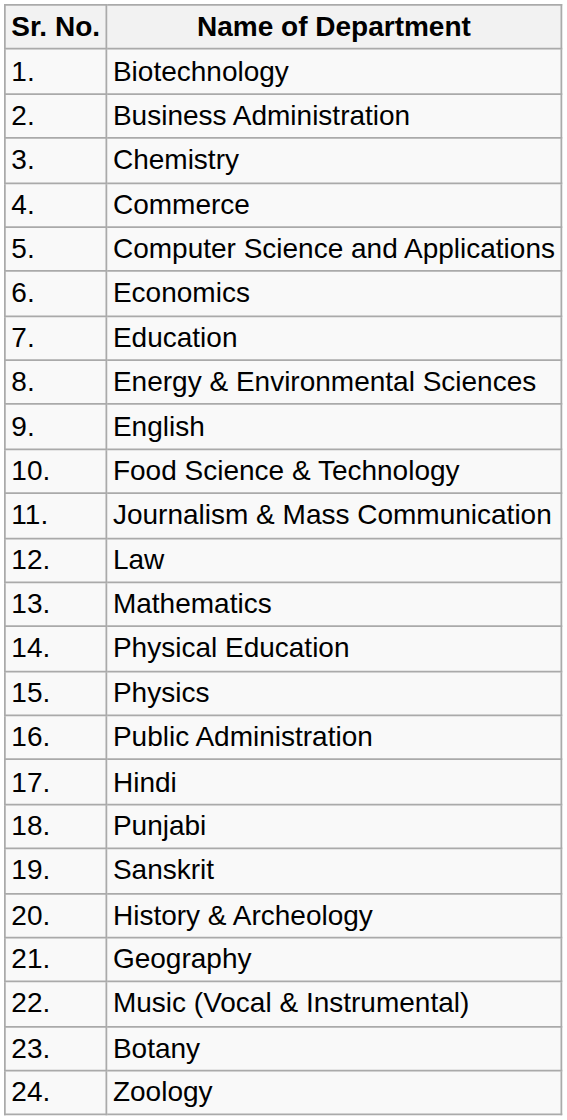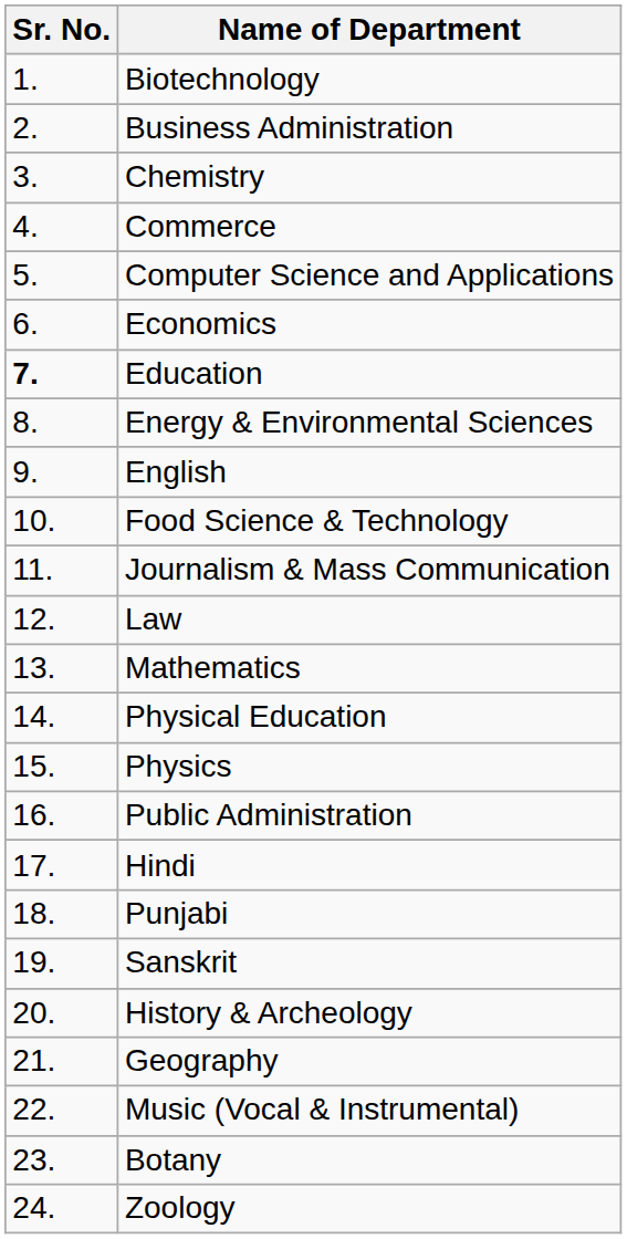 <table class="wikitable">
 <tr>
 <th>Sr. No.</th>
 <th>Name of Department</th>
 </tr>
 <tr>
 <td>1.</td>
 <td>Biotechnology</td>
 </tr>
 <tr>
 <td>2.</td>
 <td>Business Administration</td>
 </tr>
 <tr>
 <td>3.</td>
 <td>Chemistry</td>
 </tr>
 <tr>
 <td>4.</td>
 <td>Commerce</td>
 </tr>
 <tr>
 <td>5.</td>
 <td>Computer Science and Applications</td>
 </tr>
 <tr>
 <td>6.</td>
 <td>Economics</td>
 </tr>
 <tr>
-<td>7.</td>
+<td><strong>7.</strong></td>
 <td>Education</td>
 </tr>
 <tr>
 <td>8.</td>
 <td>Energy & Environmental Sciences</td>
 </tr>
 <tr>
 <td>9.</td>
 <td>English</td>
 </tr>
 <tr>
 <td>10.</td>
 <td>Food Science & Technology</td>
 </tr>
 <tr>
 <td>11.</td>
 <td>Journalism & Mass Communication</td>
 </tr>
 <tr>
 <td>12.</td>
 <td>Law</td>
 </tr>
 <tr>
 <td>13.</td>
 <td>Mathematics</td>
 </tr>
 <tr>
 <td>14.</td>
 <td>Physical Education</td>
 </tr>
 <tr>
 <td>15.</td>
 <td>Physics</td>
 </tr>
 <tr>
 <td>16.</td>
 <td>Public Administration</td>
 </tr>
 <tr>
 <td>17.</td>
 <td>Hindi</td>
 </tr>
 <tr>
 <td>18.</td>
 <td>Punjabi</td>
 </tr>
 <tr>
 <td>19.</td>
 <td>Sanskrit</td>
 </tr>
 <tr>
 <td>20.</td>
 <td>History & Archeology</td>
 </tr>
 <tr>
 <td>21.</td>
 <td>Geography</td>
 </tr>
 <tr>
 <td>22.</td>
 <td>Music (Vocal & Instrumental)</td>
 </tr>
 <tr>
 <td>23.</td>
 <td>Botany</td>
 </tr>
 <tr>
 <td>24.</td>
 <td>Zoology</td>
 </tr>
 </table>
